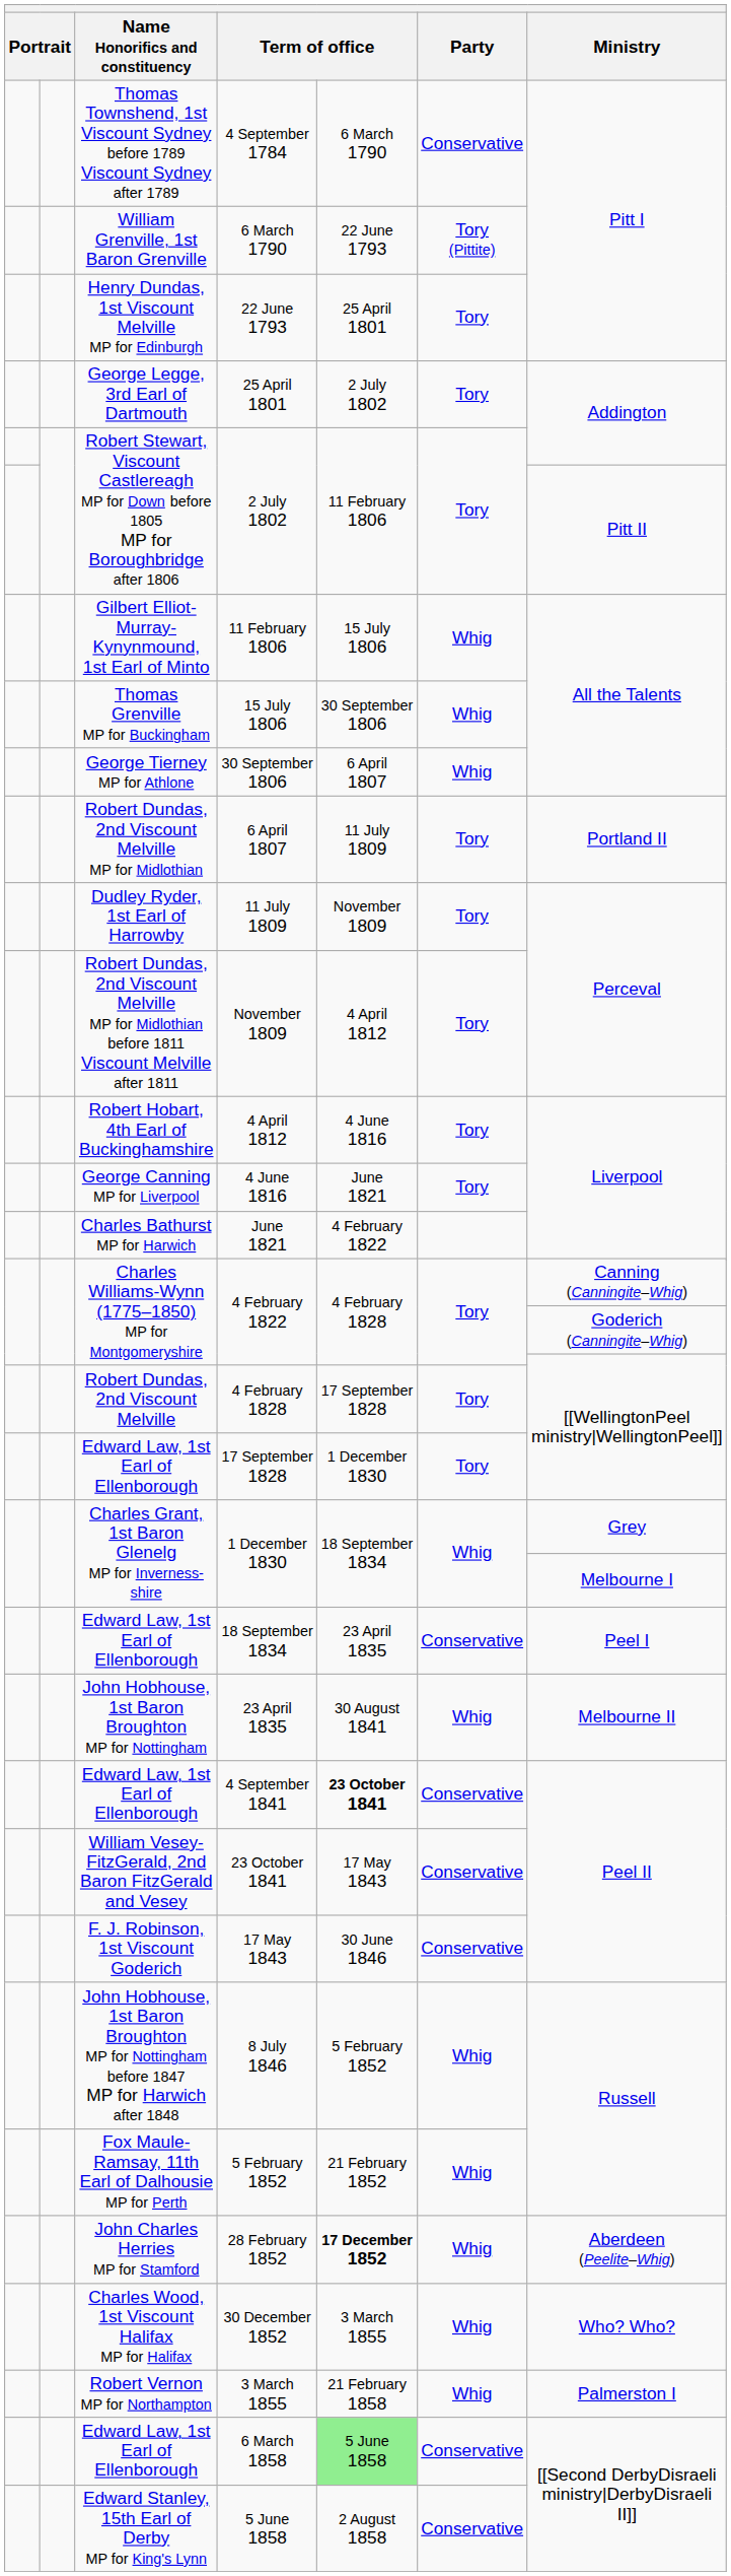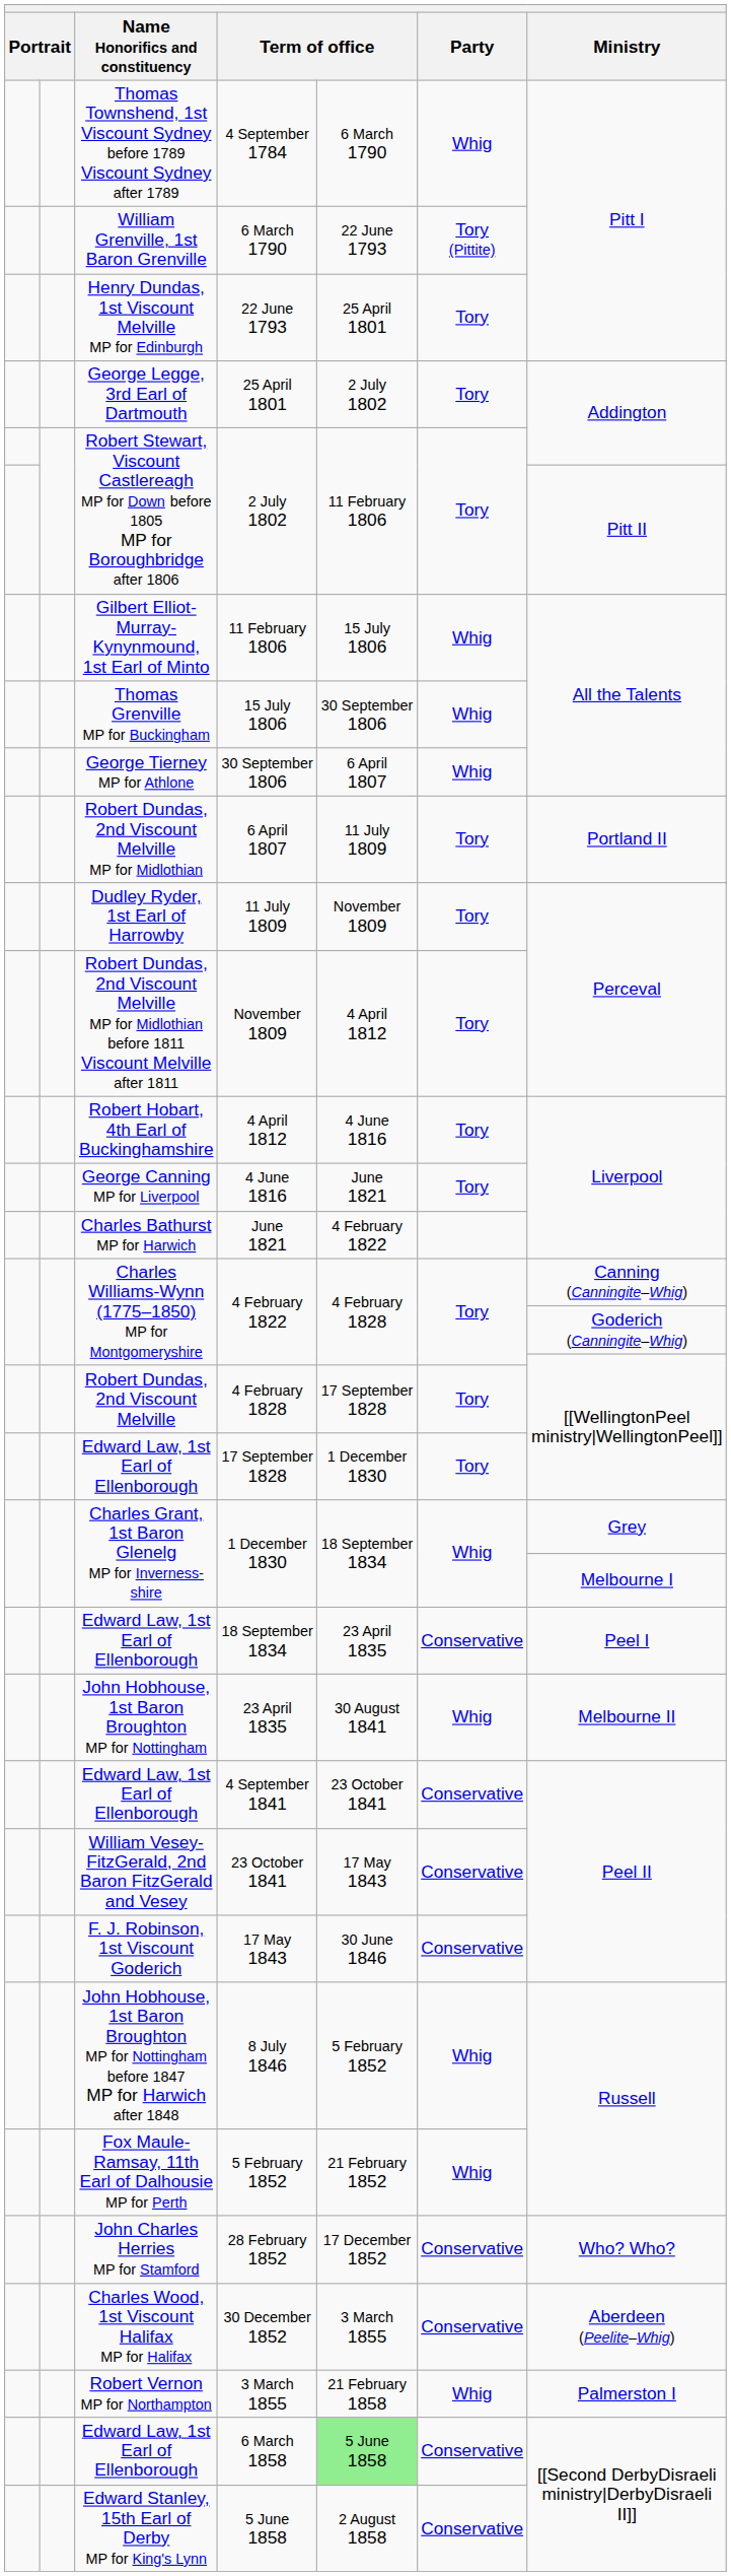 <table class="wikitable" style="text-align:Center">
 <tr>
 <th colspan=8></th>
 </tr>
 <tr>
 <th colspan=2>Portrait</th>
 <th>Name<br><small>Honorifics and constituency</small></th>
 <th colspan=2>Term of office</th>
 <th>Party</th>
 <th>Ministry</th>
 </tr>
 <tr>
 <td style="background-color: "></td>
 <td></td>
 <td><a href='#'>Thomas Townshend, 1st Viscount Sydney</a><br><small>before 1789</small><br><a href='#'>Viscount Sydney</a> <small>after 1789</small></td>
 <td><small>4 September</small><br>1784</td>
 <td><small>6 March</small><br>1790</td>
-<td><a href='#'>Conservative</a></td>
+<td><a href='#'>Whig</a></td>
 <td rowspan=3 ><a href='#'>Pitt I</a></td>
 </tr>
 <tr>
 <td style="background-color: "></td>
 <td></td>
 <td><a href='#'>William Grenville, 1st Baron Grenville</a></td>
 <td><small>6 March</small><br>1790</td>
 <td><small>22 June</small><br>1793</td>
 <td><a href='#'>Tory<br><small>(Pittite)</small></a></td>
 </tr>
 <tr>
 <td style="background-color: "></td>
 <td></td>
 <td><a href='#'>Henry Dundas, 1st Viscount Melville</a><br><small>MP for <a href='#'>Edinburgh</a></small></td>
 <td><small>22 June</small><br>1793</td>
 <td><small>25 April</small><br>1801</td>
 <td><a href='#'>Tory</a></td>
 </tr>
 <tr>
 <td style="background-color: "></td>
 <td></td>
 <td><a href='#'>George Legge, 3rd Earl of Dartmouth</a></td>
 <td><small>25 April</small><br>1801</td>
 <td><small>2 July</small><br>1802</td>
 <td><a href='#'>Tory</a></td>
 <td rowspan=2 ><a href='#'>Addington</a></td>
 </tr>
 <tr>
 <td style="background-color: "></td>
 <td rowspan=2></td>
 <td rowspan=2><a href='#'>Robert Stewart, Viscount Castlereagh</a><br><small>MP for <a href='#'>Down</a></small> <small>before 1805</small><br>MP for <a href='#'>Boroughbridge</a> <small>after 1806</small></td>
 <td rowspan=2><small>2 July</small><br>1802</td>
 <td rowspan=2><small>11 February</small><br>1806</td>
 <td rowspan=2 ><a href='#'>Tory</a></td>
 </tr>
 <tr>
 <td style="background-color: "></td>
 <td><a href='#'>Pitt II</a></td>
 </tr>
 <tr>
 <td style="background-color: "></td>
 <td></td>
 <td><a href='#'>Gilbert Elliot-Murray-Kynynmound, 1st Earl of Minto</a><br></td>
 <td><small>11 February</small><br>1806</td>
 <td><small>15 July</small><br>1806</td>
 <td><a href='#'>Whig</a></td>
 <td rowspan=3 ><a href='#'>All the Talents</a><br></td>
 </tr>
 <tr>
 <td style="background-color: "></td>
 <td></td>
 <td><a href='#'>Thomas Grenville</a><br><small>MP for <a href='#'>Buckingham</a></small></td>
 <td><small>15 July</small><br>1806</td>
 <td style="white-space: nowrap;"><small>30 September</small><br>1806</td>
 <td><a href='#'>Whig</a></td>
 </tr>
 <tr>
 <td style="background-color: "></td>
 <td></td>
 <td><a href='#'>George Tierney</a><br><small>MP for <a href='#'>Athlone</a></small></td>
 <td style="white-space: nowrap;"><small>30 September</small><br>1806</td>
 <td><small>6 April</small><br>1807</td>
 <td><a href='#'>Whig</a></td>
 </tr>
 <tr>
 <td style="background-color: "></td>
 <td></td>
 <td><a href='#'>Robert Dundas, 2nd Viscount Melville</a><br><small>MP for <a href='#'>Midlothian</a></small></td>
 <td><small>6 April</small><br>1807</td>
 <td><small>11 July</small><br>1809</td>
 <td><a href='#'>Tory</a></td>
 <td rowspan=2 ><a href='#'>Portland II</a></td>
 </tr>
 <tr>
 <td rowspan=2 style="background-color: "></td>
 <td rowspan=2></td>
 <td rowspan=2><a href='#'>Dudley Ryder, 1st Earl of Harrowby</a></td>
 <td rowspan=2><small>11 July</small><br>1809</td>
 <td rowspan=2><small>November</small><br>1809</td>
 <td rowspan=2 ><a href='#'>Tory</a></td>
 </tr>
 <tr>
 <td rowspan=3 ><a href='#'>Perceval</a></td>
 </tr>
 <tr>
 <td style="background-color: "></td>
 <td></td>
 <td><a href='#'>Robert Dundas, 2nd Viscount Melville</a><br><small>MP for <a href='#'>Midlothian</a></small> <small>before 1811</small><br><a href='#'>Viscount Melville</a> <small>after 1811</small></td>
 <td><small>November</small><br>1809</td>
 <td><small>4 April</small><br>1812</td>
 <td><a href='#'>Tory</a></td>
 </tr>
 <tr>
 <td rowspan=2 style="background-color: "></td>
 <td rowspan=2></td>
 <td rowspan=2><a href='#'>Robert Hobart, 4th Earl of Buckinghamshire</a></td>
 <td rowspan=2><small>4 April</small><br>1812</td>
 <td rowspan=2><small>4 June</small><br>1816</td>
 <td rowspan=2 ><a href='#'>Tory</a></td>
 </tr>
 <tr>
 <td rowspan=4 ><a href='#'>Liverpool</a></td>
 </tr>
 <tr>
 <td style="background-color: "></td>
 <td></td>
 <td><a href='#'>George Canning</a><br><small>MP for <a href='#'>Liverpool</a></small></td>
 <td><small>4 June</small><br>1816</td>
 <td><small>June</small><br>1821</td>
 <td><a href='#'>Tory</a></td>
 </tr>
 <tr>
 <td></td>
 <td></td>
 <td><a href='#'>Charles Bathurst</a><br><small>MP for <a href='#'>Harwich</a></small></td>
 <td><small>June</small><br>1821</td>
 <td><small>4 February</small><br>1822</td>
 <td></td>
 </tr>
 <tr>
 <td rowspan=4 style="background-color: "></td>
 <td rowspan=4></td>
 <td rowspan=4><a href='#'>Charles Williams-Wynn (1775–1850)</a><br><small>MP for <a href='#'>Montgomeryshire</a></small></td>
 <td rowspan=4><small>4 February</small><br>1822</td>
 <td rowspan=4><small>4 February</small><br>1828</td>
 <td rowspan=4 ><a href='#'>Tory</a></td>
 </tr>
 <tr>
 <td><a href='#'>Canning</a><br><small>(<em><a href='#'>Canningite</a>–<a href='#'>Whig</a></em>)</small></td>
 </tr>
 <tr>
 <td><a href='#'>Goderich</a><br><small>(<em><a href='#'>Canningite</a>–<a href='#'>Whig</a></em>)</small></td>
 </tr>
 <tr>
 <td rowspan=3 >[[WellingtonPeel ministry|WellingtonPeel]]</td>
 </tr>
 <tr>
 <td style="background-color: "></td>
 <td></td>
 <td><a href='#'>Robert Dundas, 2nd Viscount Melville</a></td>
 <td><small>4 February</small><br>1828</td>
 <td><small>17 September</small><br>1828</td>
 <td><a href='#'>Tory</a></td>
 </tr>
 <tr>
 <td style="background-color: "></td>
 <td></td>
 <td><a href='#'>Edward Law, 1st Earl of Ellenborough</a></td>
 <td><small>17 September</small><br>1828</td>
 <td><small>1 December</small><br>1830</td>
 <td><a href='#'>Tory</a></td>
 </tr>
 <tr>
 <td rowspan=2 style="background-color: "></td>
 <td rowspan=2></td>
 <td rowspan=2><a href='#'>Charles Grant, 1st Baron Glenelg</a><br><small>MP for <a href='#'>Inverness-shire</a></small></td>
 <td rowspan=2><small>1 December</small><br>1830</td>
 <td rowspan=2><small>18 September</small><br>1834</td>
 <td rowspan=2 ><a href='#'>Whig</a></td>
 <td><a href='#'>Grey</a></td>
 </tr>
 <tr>
 <td><a href='#'>Melbourne I</a></td>
 </tr>
 <tr>
 <td style="background-color: "></td>
 <td></td>
 <td><a href='#'>Edward Law, 1st Earl of Ellenborough</a></td>
 <td><small>18 September</small><br>1834</td>
 <td><small>23 April</small><br>1835</td>
 <td><a href='#'>Conservative</a></td>
 <td><a href='#'>Peel I</a></td>
 </tr>
 <tr>
 <td style="background-color: "></td>
 <td></td>
 <td><a href='#'>John Hobhouse, 1st Baron Broughton</a><br><small>MP for <a href='#'>Nottingham</a></small></td>
 <td><small>23 April</small><br>1835</td>
 <td><small>30 August</small><br>1841</td>
 <td><a href='#'>Whig</a></td>
 <td><a href='#'>Melbourne II</a></td>
 </tr>
 <tr>
 <td style="background-color: "></td>
 <td></td>
 <td><a href='#'>Edward Law, 1st Earl of Ellenborough</a></td>
 <td><small>4 September</small><br>1841</td>
-<td><strong><small>23 October</small><br>1841</strong></td>
+<td><small>23 October</small><br>1841</td>
 <td><a href='#'>Conservative</a></td>
 <td rowspan=3 ><a href='#'>Peel II</a></td>
 </tr>
 <tr>
 <td style="background-color: "></td>
 <td></td>
 <td><a href='#'>William Vesey-FitzGerald, 2nd Baron FitzGerald and Vesey</a></td>
 <td><small>23 October</small><br>1841</td>
 <td><small>17 May</small><br>1843</td>
 <td><a href='#'>Conservative</a></td>
 </tr>
 <tr>
 <td style="background-color: "></td>
 <td></td>
 <td><a href='#'>F. J. Robinson, 1st Viscount Goderich</a></td>
 <td><small>17 May</small><br>1843</td>
 <td><small>30 June</small><br>1846</td>
 <td><a href='#'>Conservative</a></td>
 </tr>
 <tr>
 <td style="background-color: "></td>
 <td></td>
 <td><a href='#'>John Hobhouse, 1st Baron Broughton</a><br><small>MP for <a href='#'>Nottingham</a></small> <small>before 1847</small><br>MP for <a href='#'>Harwich</a> <small>after 1848</small><br></td>
 <td><small>8 July</small><br>1846</td>
 <td><small>5 February</small><br>1852</td>
 <td><a href='#'>Whig</a></td>
 <td rowspan=2 ><a href='#'>Russell</a></td>
 </tr>
 <tr>
 <td style="background-color: "></td>
 <td></td>
 <td><a href='#'>Fox Maule-Ramsay, 11th Earl of Dalhousie</a><br><small>MP for <a href='#'>Perth</a></small></td>
 <td><small>5 February</small><br>1852</td>
 <td><small>21 February</small><br>1852</td>
 <td><a href='#'>Whig</a></td>
 </tr>
 <tr>
 <td style="background-color: "></td>
 <td></td>
 <td><a href='#'>John Charles Herries</a><br><small>MP for <a href='#'>Stamford</a></small></td>
 <td><small>28 February</small><br>1852</td>
-<td><strong><small>17 December</small><br>1852</strong></td>
-<td><a href='#'>Whig</a></td>
-<td><a href='#'>Aberdeen</a><br><small>(<em><a href='#'>Peelite</a>–<a href='#'>Whig</a></em>)</small></td>
+<td><small>17 December</small><br>1852</td>
+<td><a href='#'>Conservative</a></td>
+<td><a href='#'>Who? Who?</a></td>
 </tr>
 <tr>
 <td style="background-color: "></td>
 <td></td>
 <td><a href='#'>Charles Wood, 1st Viscount Halifax</a><br><small>MP for <a href='#'>Halifax</a></small></td>
 <td><small>30 December</small><br>1852</td>
 <td><small>3 March</small><br>1855</td>
-<td><a href='#'>Whig</a></td>
-<td><a href='#'>Who? Who?</a></td>
+<td><a href='#'>Conservative</a></td>
+<td><a href='#'>Aberdeen</a><br><small>(<em><a href='#'>Peelite</a>–<a href='#'>Whig</a></em>)</small></td>
 </tr>
 <tr>
 <td style="background-color: "></td>
 <td></td>
 <td><a href='#'>Robert Vernon</a><br><small>MP for <a href='#'>Northampton</a></small></td>
 <td><small>3 March</small><br>1855</td>
 <td><small>21 February</small><br>1858</td>
 <td><a href='#'>Whig</a></td>
 <td><a href='#'>Palmerston I</a></td>
 </tr>
 <tr>
 <td style="background-color: "></td>
 <td></td>
 <td><a href='#'>Edward Law, 1st Earl of Ellenborough</a></td>
 <td><small>6 March</small><br>1858</td>
 <td style="background: lightgreen;"><small>5 June</small><br>1858</td>
 <td><a href='#'>Conservative</a></td>
 <td rowspan=2 >[[Second DerbyDisraeli ministry|DerbyDisraeli II]]</td>
 </tr>
 <tr>
 <td style="background-color: "></td>
 <td></td>
 <td><a href='#'>Edward Stanley, 15th Earl of Derby</a><br><small>MP for <a href='#'>King's Lynn</a></small></td>
 <td><small>5 June</small><br>1858</td>
 <td><small>2 August</small><br>1858</td>
 <td><a href='#'>Conservative</a></td>
 </tr>
 <tr>
 </tr>
 </table>
